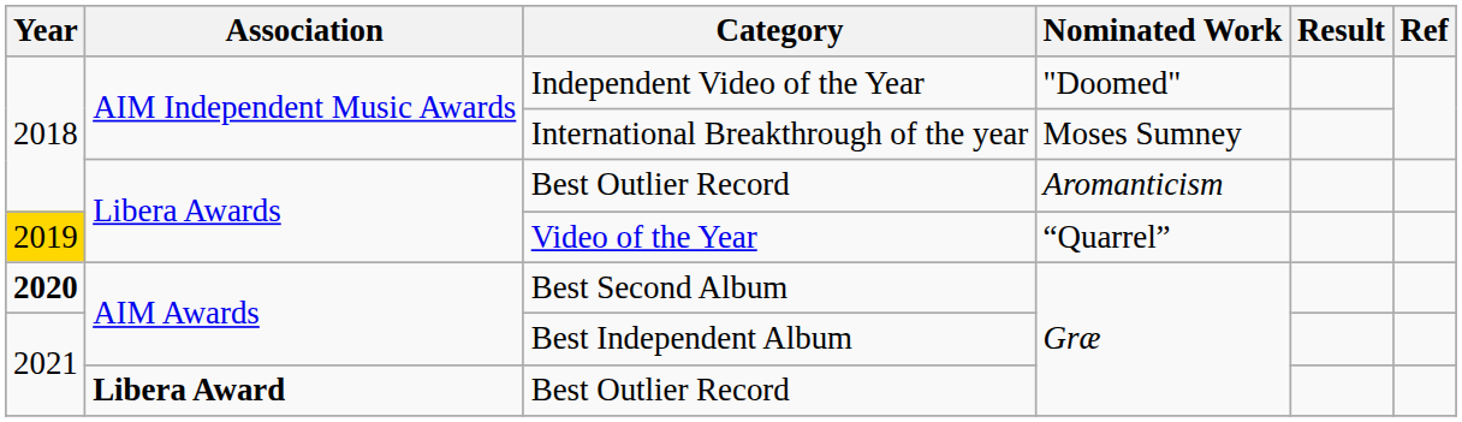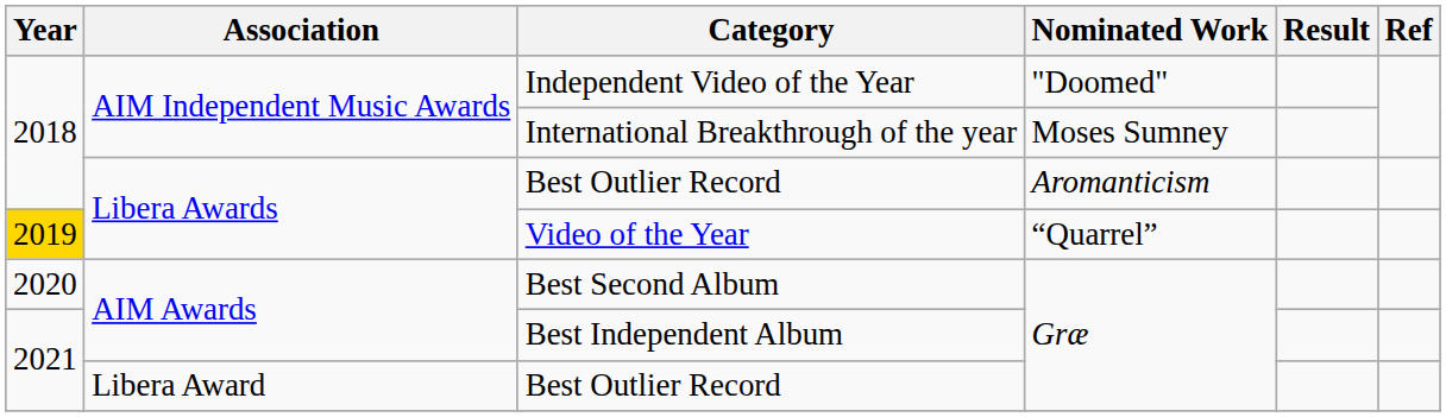 <table class= " wikitable">
 <tr>
 <th>Year</th>
 <th>Association</th>
 <th>Category</th>
 <th>Nominated Work</th>
 <th>Result</th>
 <th>Ref</th>
 </tr>
 <tr>
 <td rowspan="3">2018</td>
 <td rowspan="2"><a href='#'>AIM Independent Music Awards</a></td>
 <td>Independent Video of the Year</td>
 <td>"Doomed"</td>
 <td></td>
 <td rowspan="2"></td>
 </tr>
 <tr>
 <td>International Breakthrough of the year</td>
 <td>Moses Sumney</td>
 <td></td>
 </tr>
 <tr>
 <td rowspan="2"><a href='#'>Libera Awards</a></td>
 <td>Best Outlier Record</td>
 <td><em>Aromanticism</em></td>
 <td></td>
 <td></td>
 </tr>
 <tr>
 <td style="background: gold;">2019</td>
 <td><a href='#'>Video of the Year</a></td>
 <td>“Quarrel”</td>
 <td></td>
 <td></td>
 </tr>
 <tr>
-<td><strong>2020</strong></td>
+<td>2020</td>
 <td rowspan="2"><a href='#'>AIM Awards</a></td>
 <td>Best Second Album</td>
 <td rowspan="3"><em>Græ</em></td>
 <td></td>
 <td></td>
 </tr>
 <tr>
 <td rowspan="2">2021</td>
 <td>Best Independent Album</td>
 <td></td>
 <td></td>
 </tr>
 <tr>
-<td><strong>Libera Award</strong></td>
+<td>Libera Award</td>
 <td>Best Outlier Record</td>
 <td></td>
 <td></td>
 </tr>
 </table>
